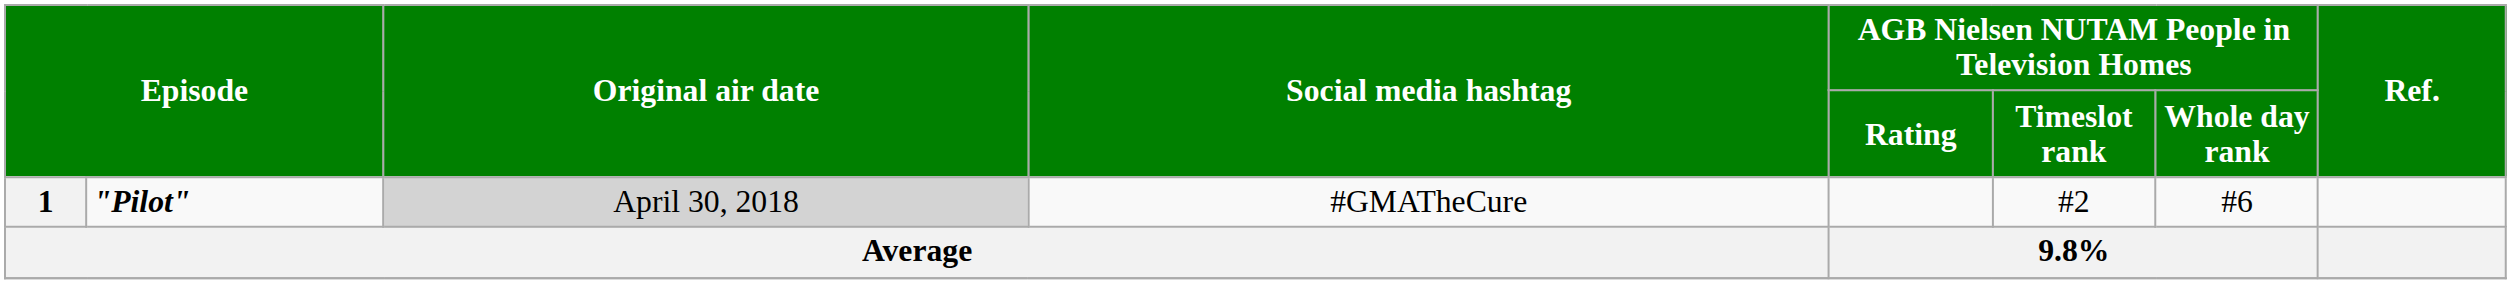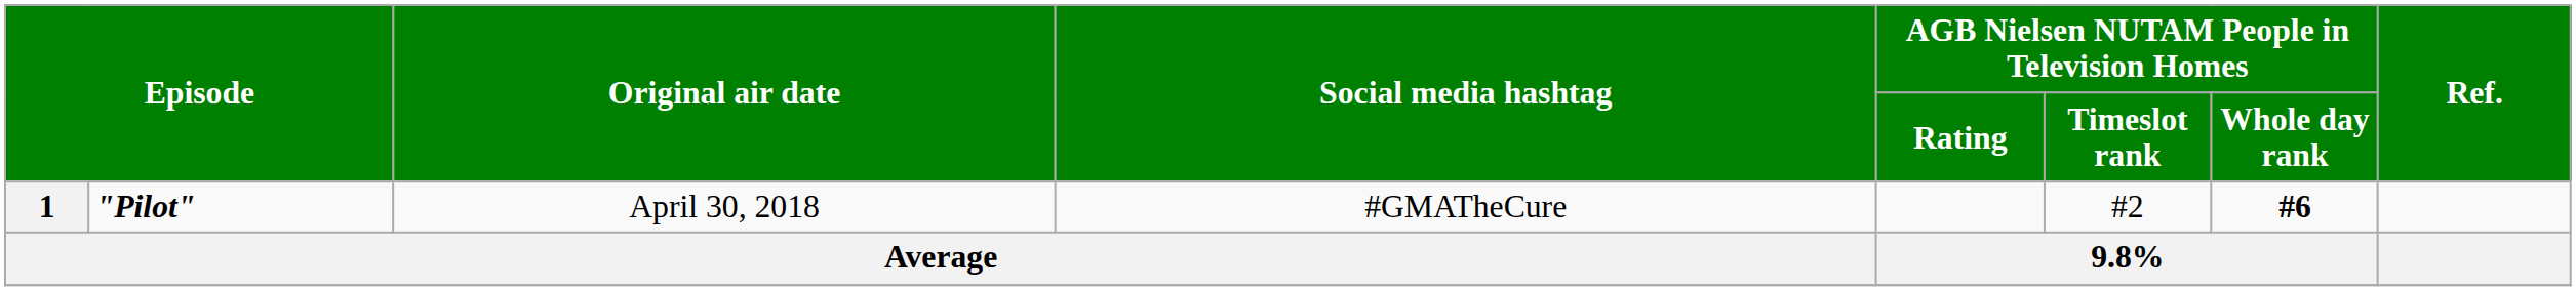 <table class="wikitable" style="text-align:center; font-size:100%; line-height:18px;" width="100%">
 <tr>
 <th style="background-color:#008000; color:#ffffff;" colspan="2" rowspan="2">Episode</th>
 <th style="background-color:#008000; color:white" rowspan="2">Original air date</th>
 <th style="background-color:#008000; color:white" rowspan="2">Social media hashtag</th>
 <th style="background-color:#008000; color:#ffffff;" colspan="3">AGB Nielsen NUTAM People in Television Homes</th>
 <th style="background-color:#008000;  color:#ffffff;" rowspan="2">Ref.</th>
 </tr>
 <tr>
 <th style="background-color:#008000; width:75px; color:#ffffff;">Rating</th>
 <th style="background-color:#008000; width:75px; color:#ffffff;">Timeslot<br>rank</th>
 <th style="background-color:#008000; width:75px; color:#ffffff;">Whole day<br>rank</th>
 </tr>
 <tr>
 <th>1</th>
 <td style="text-align: left;"><strong><em>"Pilot"</em></strong></td>
-<td style="background: lightgrey;">April 30, 2018</td>
+<td>April 30, 2018</td>
 <td>#GMATheCure</td>
 <td></td>
 <td>#2</td>
-<td>#6</td>
+<td><strong>#6</strong></td>
 <td></td>
 </tr>
 <tr>
 <th colspan="4">Average</th>
 <th colspan="3">9.8%</th>
 <th></th>
 </tr>
 <tr>
 </tr>
 </table>
